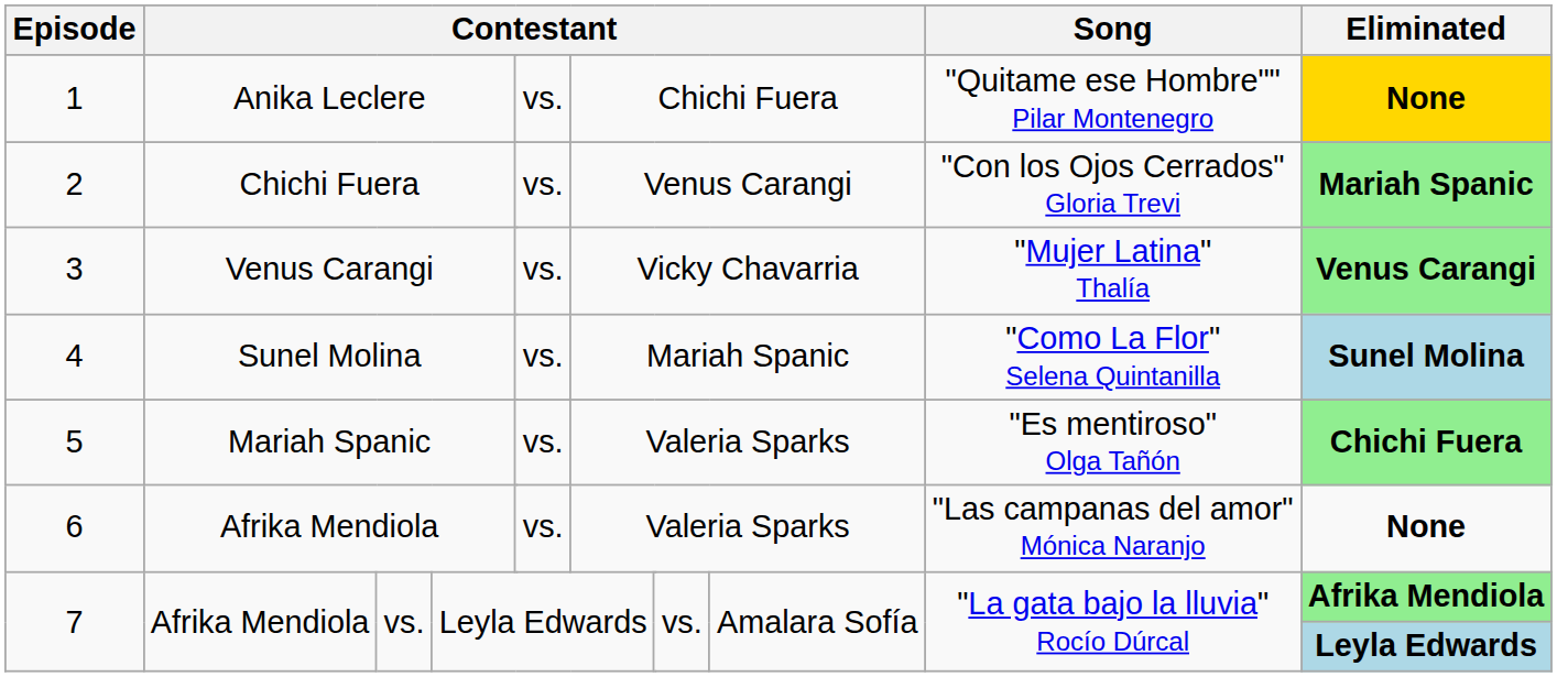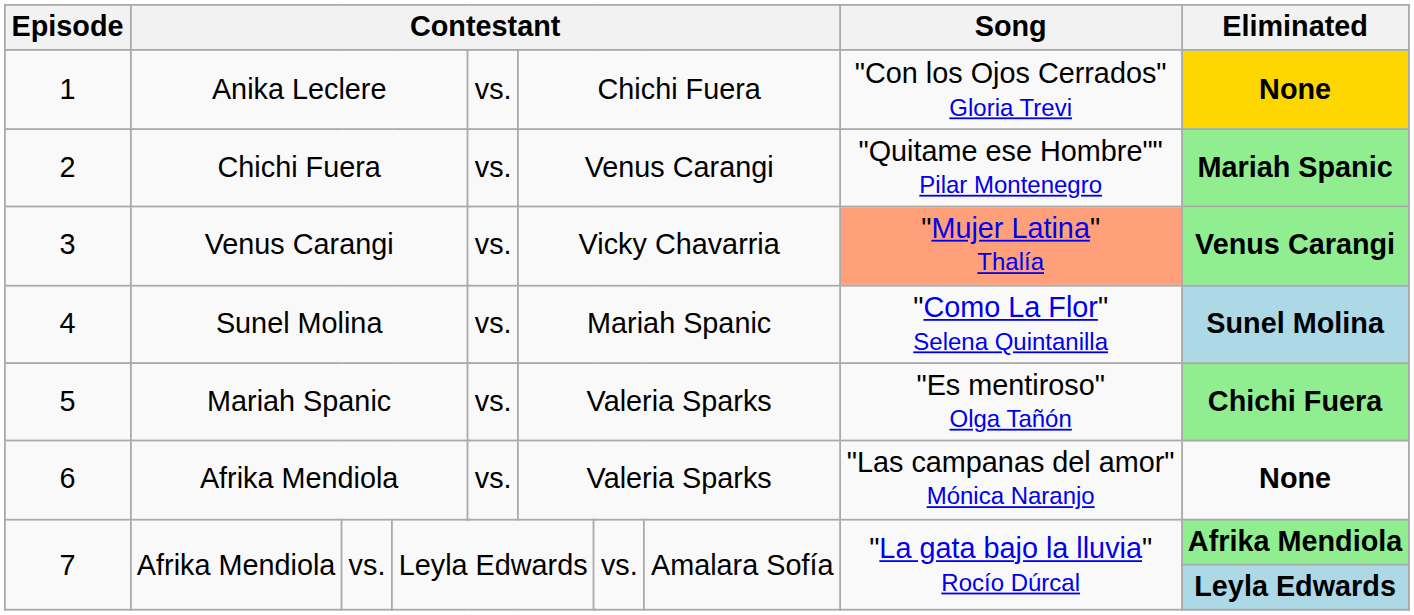 <table class="wikitable" border="2" style="text-align:center">
 <tr>
 <th>Episode</th>
 <th colspan="9">Contestant</th>
 <th>Song</th>
 <th>Eliminated</th>
 </tr>
 <tr>
 <td>1</td>
 <td colspan="4">Anika Leclere</td>
 <td style="width: 15px;">vs.</td>
 <td colspan="4">Chichi Fuera</td>
-<td>"Quitame ese Hombre""<br><small><a href='#'>Pilar Montenegro</a></small></td>
+<td>"Con los Ojos Cerrados"<br><small><a href='#'>Gloria Trevi</a></small></td>
 <td style="background: gold;"><strong>None</strong></td>
 </tr>
 <tr>
 <td>2</td>
 <td colspan="4">Chichi Fuera</td>
 <td style="width: 15px;">vs.</td>
 <td colspan="4">Venus Carangi</td>
-<td>"Con los Ojos Cerrados"<br><small><a href='#'>Gloria Trevi</a></small></td>
+<td>"Quitame ese Hombre""<br><small><a href='#'>Pilar Montenegro</a></small></td>
 <td style="background:lightgreen; color:#000;"><strong>Mariah Spanic</strong></td>
 </tr>
 <tr>
 <td>3</td>
 <td colspan="4">Venus Carangi</td>
 <td style="width: 15px;">vs.</td>
 <td colspan="4">Vicky Chavarria</td>
-<td>"<a href='#'>Mujer Latina</a>"<br><small><a href='#'>Thalía</a></small></td>
+<td style="background: lightsalmon;">"<a href='#'>Mujer Latina</a>"<br><small><a href='#'>Thalía</a></small></td>
 <td style="background:lightgreen; color:#000;"><strong>Venus Carangi</strong></td>
 </tr>
 <tr>
 <td>4</td>
 <td colspan="4">Sunel Molina</td>
 <td style="width: 15px;">vs.</td>
 <td colspan="4">Mariah Spanic</td>
 <td>"<a href='#'>Como La Flor</a>"<br><small><a href='#'>Selena Quintanilla</a></small></td>
 <td style="background:lightblue; color:#000;"><strong>Sunel Molina</strong></td>
 </tr>
 <tr>
 <td>5</td>
 <td colspan="4">Mariah Spanic</td>
 <td style="width: 15px;">vs.</td>
 <td colspan="4">Valeria Sparks</td>
 <td>"Es mentiroso"<br><small><a href='#'>Olga Tañón</a></small></td>
 <td style="background:lightgreen; color:#000;"><strong>Chichi Fuera</strong></td>
 </tr>
 <tr>
 <td>6</td>
 <td colspan="4">Afrika Mendiola</td>
 <td style="width: 15px;">vs.</td>
 <td colspan="4">Valeria Sparks</td>
 <td>"Las campanas del amor"<br><small><a href='#'>Mónica Naranjo</a></small></td>
 <td><strong>None</strong></td>
 </tr>
 <tr>
 <td rowspan="2">7</td>
 <td rowspan="2">Afrika Mendiola</td>
 <td rowspan="2">vs.</td>
 <td colspan="5" rowspan="2">Leyla Edwards</td>
 <td rowspan="2">vs.</td>
 <td rowspan="2">Amalara Sofía</td>
 <td rowspan="2">"<a href='#'>La gata bajo la lluvia</a>"<br><small><a href='#'>Rocío Dúrcal</a></small></td>
 <td style="background:lightgreen; color:#000;"><strong>Afrika Mendiola</strong></td>
 </tr>
 <tr>
 <td style="background:lightblue; color:#000;"><strong>Leyla Edwards</strong></td>
 </tr>
 </table>
